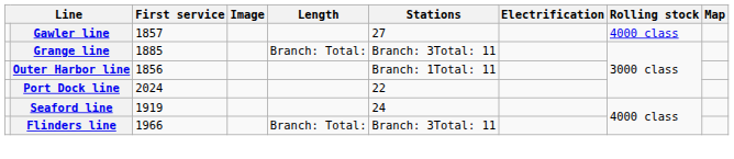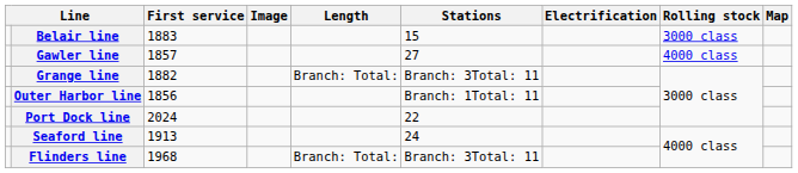 <table class="wikitable">
 <tr>
 <th colspan="2">Line</th>
 <th>First service</th>
 <th>Image</th>
 <th>Length</th>
 <th>Stations</th>
 <th>Electrification</th>
 <th>Rolling stock</th>
 <th>Map</th>
+</tr>
+<tr>
+<td style="background-color:#"></td>
+<th><a href='#'>Belair line</a></th>
+<td>1883</td>
+<td></td>
+<td></td>
+<td>15</td>
+<td></td>
+<td><a href='#'>3000 class</a></td>
+<td></td>
 </tr>
 <tr>
 <td style="background-color:#"></td>
 <th><a href='#'>Gawler line</a></th>
 <td>1857</td>
 <td></td>
 <td></td>
 <td>27</td>
 <td></td>
 <td><a href='#'>4000 class</a></td>
 <td></td>
 </tr>
 <tr>
 <td style="background-color:#"></td>
 <th><a href='#'>Grange line</a></th>
-<td>1885</td>
+<td>1882</td>
 <td></td>
 <td>Branch: Total: </td>
 <td>Branch: 3Total: 11</td>
 <td></td>
 <td rowspan="3">3000 class</td>
 <td></td>
 </tr>
 <tr>
 <td style="background-color:#"></td>
 <th><a href='#'>Outer Harbor line</a></th>
 <td>1856</td>
 <td></td>
 <td></td>
 <td>Branch: 1Total: 11</td>
 <td></td>
 <td></td>
 </tr>
 <tr>
 <td style="background-color:#"></td>
 <th><a href='#'>Port Dock line</a></th>
 <td>2024</td>
 <td></td>
 <td></td>
 <td>22</td>
 <td></td>
 <td></td>
 </tr>
 <tr>
 <td style="background-color:#"></td>
 <th><a href='#'>Seaford line</a></th>
-<td>1919</td>
+<td>1913</td>
 <td></td>
 <td></td>
 <td>24</td>
 <td></td>
 <td rowspan="2">4000 class</td>
 <td></td>
 </tr>
 <tr>
 <td style="background-color:#"></td>
 <th><a href='#'>Flinders line</a></th>
-<td>1966</td>
+<td>1968</td>
 <td></td>
 <td>Branch: Total: </td>
 <td>Branch: 3Total: 11</td>
 <td></td>
 <td></td>
 </tr>
 </table>
